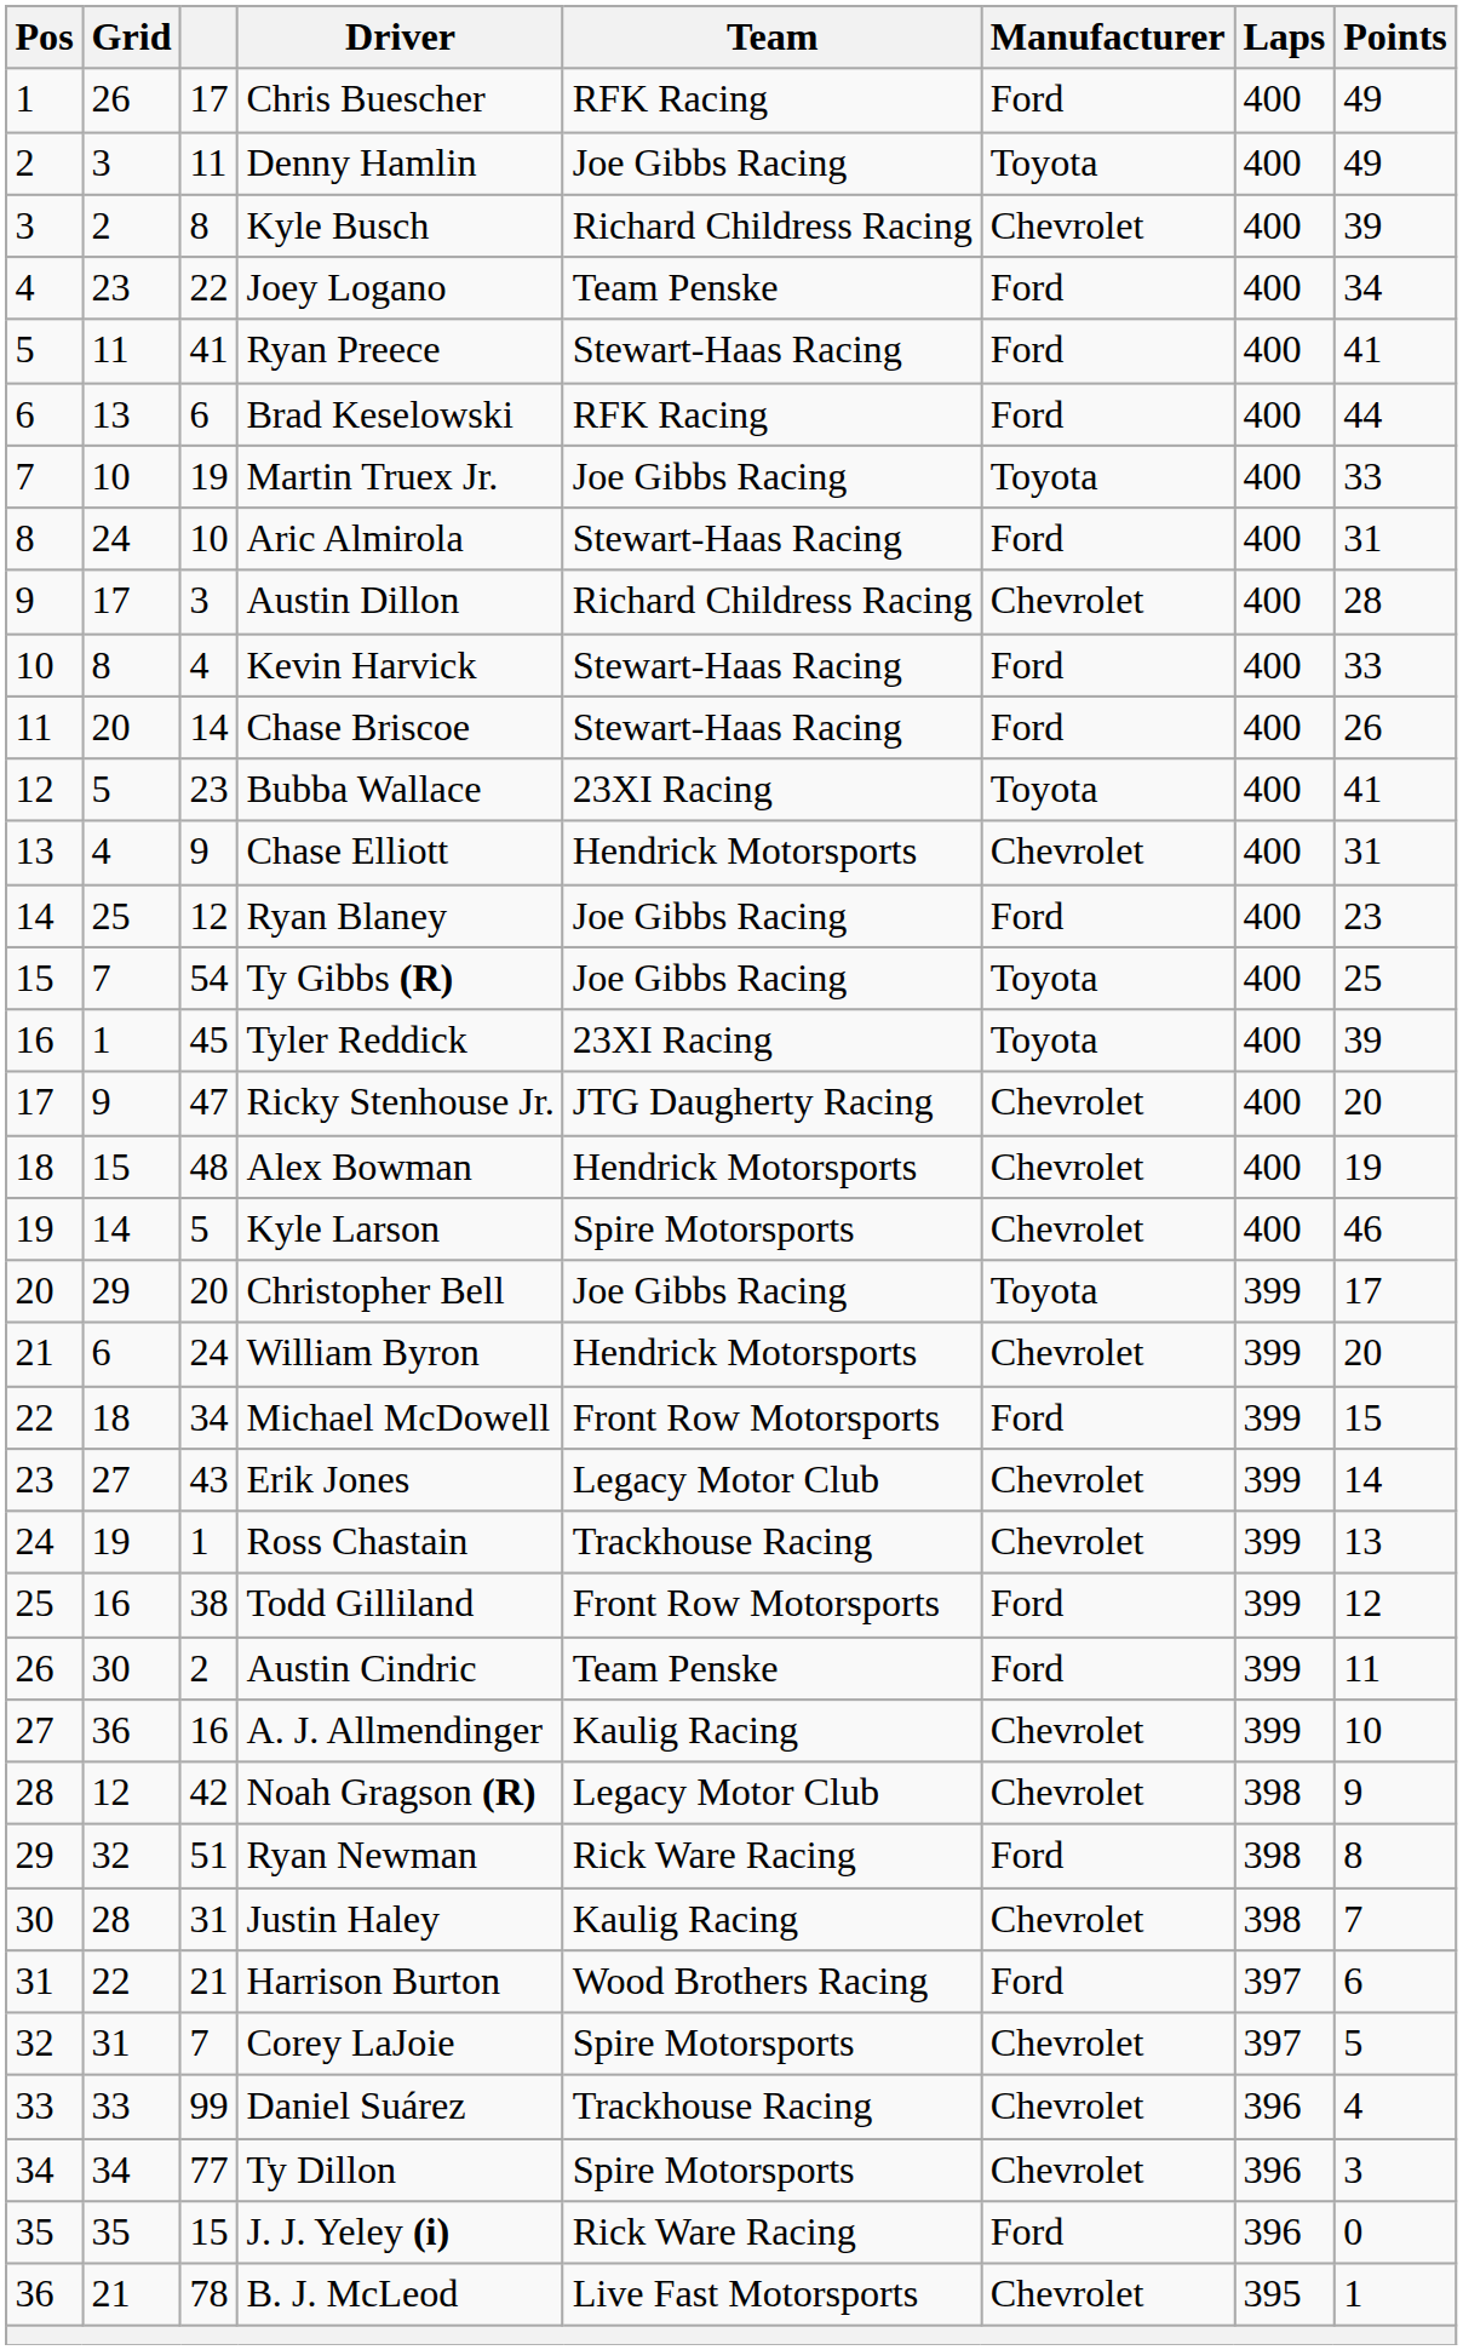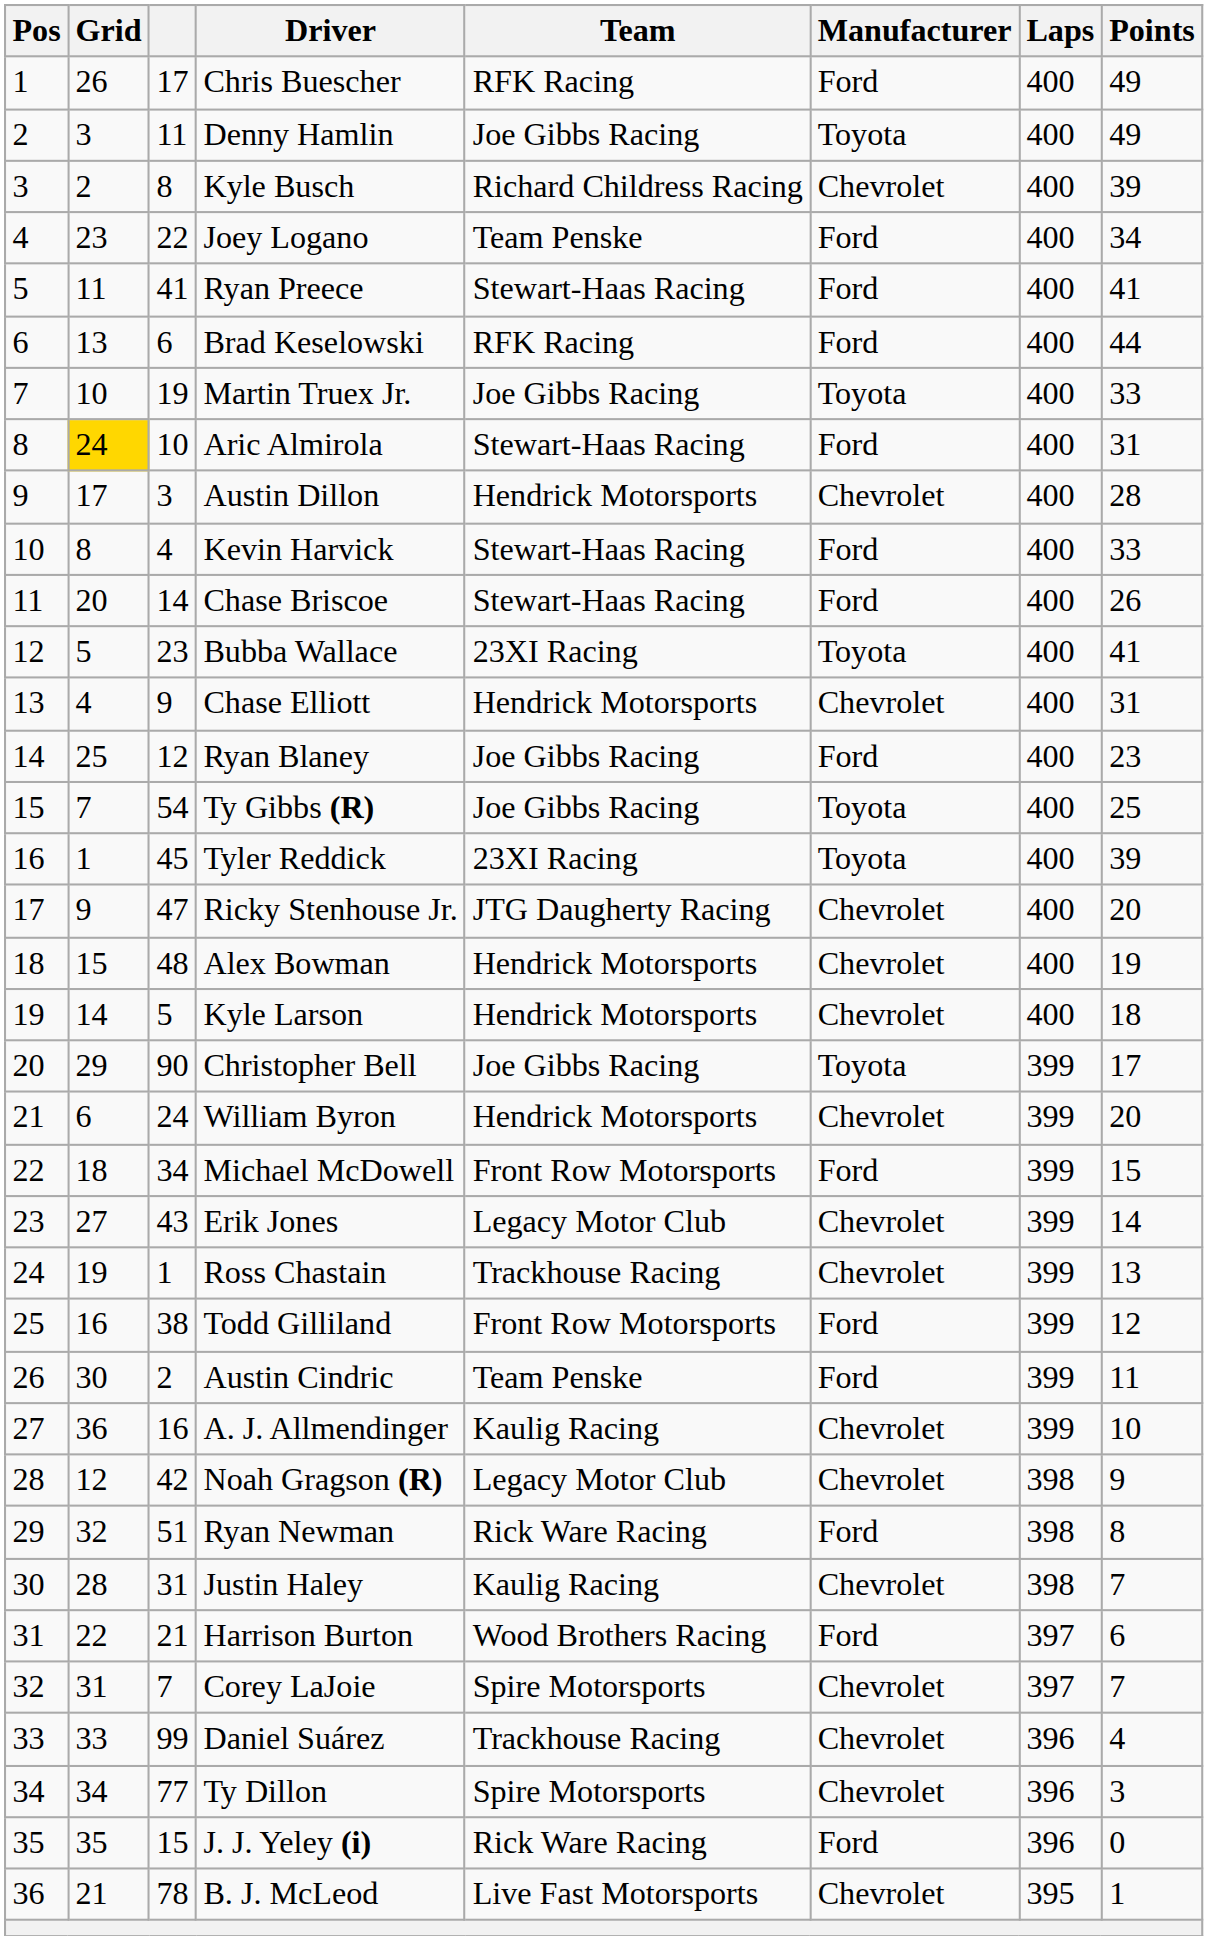 <table class="wikitable" style="font-size:98%">
 <tr>
 <th>Pos</th>
 <th>Grid</th>
 <th></th>
 <th>Driver</th>
 <th>Team</th>
 <th>Manufacturer</th>
 <th>Laps</th>
 <th>Points</th>
 </tr>
 <tr>
 <td>1</td>
 <td>26</td>
 <td>17</td>
 <td>Chris Buescher</td>
 <td>RFK Racing</td>
 <td>Ford</td>
 <td>400</td>
 <td>49</td>
 </tr>
 <tr>
 <td>2</td>
 <td>3</td>
 <td>11</td>
 <td>Denny Hamlin</td>
 <td>Joe Gibbs Racing</td>
 <td>Toyota</td>
 <td>400</td>
 <td>49</td>
 </tr>
 <tr>
 <td>3</td>
 <td>2</td>
 <td>8</td>
 <td>Kyle Busch</td>
 <td>Richard Childress Racing</td>
 <td>Chevrolet</td>
 <td>400</td>
 <td>39</td>
 </tr>
 <tr>
 <td>4</td>
 <td>23</td>
 <td>22</td>
 <td>Joey Logano</td>
 <td>Team Penske</td>
 <td>Ford</td>
 <td>400</td>
 <td>34</td>
 </tr>
 <tr>
 <td>5</td>
 <td>11</td>
 <td>41</td>
 <td>Ryan Preece</td>
 <td>Stewart-Haas Racing</td>
 <td>Ford</td>
 <td>400</td>
 <td>41</td>
 </tr>
 <tr>
 <td>6</td>
 <td>13</td>
 <td>6</td>
 <td>Brad Keselowski</td>
 <td>RFK Racing</td>
 <td>Ford</td>
 <td>400</td>
 <td>44</td>
 </tr>
 <tr>
 <td>7</td>
 <td>10</td>
 <td>19</td>
 <td>Martin Truex Jr.</td>
 <td>Joe Gibbs Racing</td>
 <td>Toyota</td>
 <td>400</td>
 <td>33</td>
 </tr>
 <tr>
 <td>8</td>
-<td>24</td>
+<td style="background: gold;">24</td>
 <td>10</td>
 <td>Aric Almirola</td>
 <td>Stewart-Haas Racing</td>
 <td>Ford</td>
 <td>400</td>
 <td>31</td>
 </tr>
 <tr>
 <td>9</td>
 <td>17</td>
 <td>3</td>
 <td>Austin Dillon</td>
-<td>Richard Childress Racing</td>
+<td>Hendrick Motorsports</td>
 <td>Chevrolet</td>
 <td>400</td>
 <td>28</td>
 </tr>
 <tr>
 <td>10</td>
 <td>8</td>
 <td>4</td>
 <td>Kevin Harvick</td>
 <td>Stewart-Haas Racing</td>
 <td>Ford</td>
 <td>400</td>
 <td>33</td>
 </tr>
 <tr>
 <td>11</td>
 <td>20</td>
 <td>14</td>
 <td>Chase Briscoe</td>
 <td>Stewart-Haas Racing</td>
 <td>Ford</td>
 <td>400</td>
 <td>26</td>
 </tr>
 <tr>
 <td>12</td>
 <td>5</td>
 <td>23</td>
 <td>Bubba Wallace</td>
 <td>23XI Racing</td>
 <td>Toyota</td>
 <td>400</td>
 <td>41</td>
 </tr>
 <tr>
 <td>13</td>
 <td>4</td>
 <td>9</td>
 <td>Chase Elliott</td>
 <td>Hendrick Motorsports</td>
 <td>Chevrolet</td>
 <td>400</td>
 <td>31</td>
 </tr>
 <tr>
 <td>14</td>
 <td>25</td>
 <td>12</td>
 <td>Ryan Blaney</td>
 <td>Joe Gibbs Racing</td>
 <td>Ford</td>
 <td>400</td>
 <td>23</td>
 </tr>
 <tr>
 <td>15</td>
 <td>7</td>
 <td>54</td>
 <td>Ty Gibbs <strong>(R)</strong></td>
 <td>Joe Gibbs Racing</td>
 <td>Toyota</td>
 <td>400</td>
 <td>25</td>
 </tr>
 <tr>
 <td>16</td>
 <td>1</td>
 <td>45</td>
 <td>Tyler Reddick</td>
 <td>23XI Racing</td>
 <td>Toyota</td>
 <td>400</td>
 <td>39</td>
 </tr>
 <tr>
 <td>17</td>
 <td>9</td>
 <td>47</td>
 <td>Ricky Stenhouse Jr.</td>
 <td>JTG Daugherty Racing</td>
 <td>Chevrolet</td>
 <td>400</td>
 <td>20</td>
 </tr>
 <tr>
 <td>18</td>
 <td>15</td>
 <td>48</td>
 <td>Alex Bowman</td>
 <td>Hendrick Motorsports</td>
 <td>Chevrolet</td>
 <td>400</td>
 <td>19</td>
 </tr>
 <tr>
 <td>19</td>
 <td>14</td>
 <td>5</td>
 <td>Kyle Larson</td>
-<td>Spire Motorsports</td>
+<td>Hendrick Motorsports</td>
 <td>Chevrolet</td>
 <td>400</td>
-<td>46</td>
+<td>18</td>
 </tr>
 <tr>
 <td>20</td>
 <td>29</td>
-<td>20</td>
+<td>90</td>
 <td>Christopher Bell</td>
 <td>Joe Gibbs Racing</td>
 <td>Toyota</td>
 <td>399</td>
 <td>17</td>
 </tr>
 <tr>
 <td>21</td>
 <td>6</td>
 <td>24</td>
 <td>William Byron</td>
 <td>Hendrick Motorsports</td>
 <td>Chevrolet</td>
 <td>399</td>
 <td>20</td>
 </tr>
 <tr>
 <td>22</td>
 <td>18</td>
 <td>34</td>
 <td>Michael McDowell</td>
 <td>Front Row Motorsports</td>
 <td>Ford</td>
 <td>399</td>
 <td>15</td>
 </tr>
 <tr>
 <td>23</td>
 <td>27</td>
 <td>43</td>
 <td>Erik Jones</td>
 <td>Legacy Motor Club</td>
 <td>Chevrolet</td>
 <td>399</td>
 <td>14</td>
 </tr>
 <tr>
 <td>24</td>
 <td>19</td>
 <td>1</td>
 <td>Ross Chastain</td>
 <td>Trackhouse Racing</td>
 <td>Chevrolet</td>
 <td>399</td>
 <td>13</td>
 </tr>
 <tr>
 <td>25</td>
 <td>16</td>
 <td>38</td>
 <td>Todd Gilliland</td>
 <td>Front Row Motorsports</td>
 <td>Ford</td>
 <td>399</td>
 <td>12</td>
 </tr>
 <tr>
 <td>26</td>
 <td>30</td>
 <td>2</td>
 <td>Austin Cindric</td>
 <td>Team Penske</td>
 <td>Ford</td>
 <td>399</td>
 <td>11</td>
 </tr>
 <tr>
 <td>27</td>
 <td>36</td>
 <td>16</td>
 <td>A. J. Allmendinger</td>
 <td>Kaulig Racing</td>
 <td>Chevrolet</td>
 <td>399</td>
 <td>10</td>
 </tr>
 <tr>
 <td>28</td>
 <td>12</td>
 <td>42</td>
 <td>Noah Gragson <strong>(R)</strong></td>
 <td>Legacy Motor Club</td>
 <td>Chevrolet</td>
 <td>398</td>
 <td>9</td>
 </tr>
 <tr>
 <td>29</td>
 <td>32</td>
 <td>51</td>
 <td>Ryan Newman</td>
 <td>Rick Ware Racing</td>
 <td>Ford</td>
 <td>398</td>
 <td>8</td>
 </tr>
 <tr>
 <td>30</td>
 <td>28</td>
 <td>31</td>
 <td>Justin Haley</td>
 <td>Kaulig Racing</td>
 <td>Chevrolet</td>
 <td>398</td>
 <td>7</td>
 </tr>
 <tr>
 <td>31</td>
 <td>22</td>
 <td>21</td>
 <td>Harrison Burton</td>
 <td>Wood Brothers Racing</td>
 <td>Ford</td>
 <td>397</td>
 <td>6</td>
 </tr>
 <tr>
 <td>32</td>
 <td>31</td>
 <td>7</td>
 <td>Corey LaJoie</td>
 <td>Spire Motorsports</td>
 <td>Chevrolet</td>
 <td>397</td>
-<td>5</td>
+<td>7</td>
 </tr>
 <tr>
 <td>33</td>
 <td>33</td>
 <td>99</td>
 <td>Daniel Suárez</td>
 <td>Trackhouse Racing</td>
 <td>Chevrolet</td>
 <td>396</td>
 <td>4</td>
 </tr>
 <tr>
 <td>34</td>
 <td>34</td>
 <td>77</td>
 <td>Ty Dillon</td>
 <td>Spire Motorsports</td>
 <td>Chevrolet</td>
 <td>396</td>
 <td>3</td>
 </tr>
 <tr>
 <td>35</td>
 <td>35</td>
 <td>15</td>
 <td>J. J. Yeley <strong>(i)</strong></td>
 <td>Rick Ware Racing</td>
 <td>Ford</td>
 <td>396</td>
 <td>0</td>
 </tr>
 <tr>
 <td>36</td>
 <td>21</td>
 <td>78</td>
 <td>B. J. McLeod</td>
 <td>Live Fast Motorsports</td>
 <td>Chevrolet</td>
 <td>395</td>
 <td>1</td>
 </tr>
 <tr>
 <th colspan="8"></th>
 </tr>
 </table>
